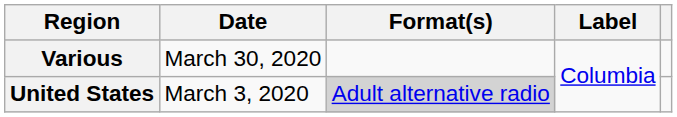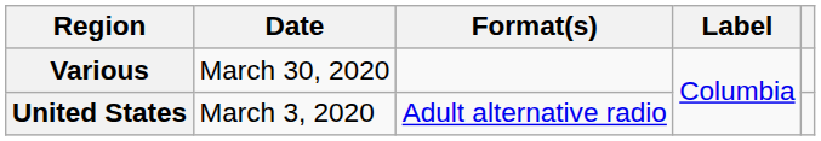 <table class="wikitable plainrowheaders">
 <tr>
 <th scope="col">Region</th>
 <th scope="col">Date</th>
 <th scope="col">Format(s)</th>
 <th scope="col">Label</th>
 <th scope="col"></th>
 </tr>
 <tr>
 <th scope="row">Various</th>
 <td>March 30, 2020</td>
 <td></td>
 <td rowspan="2"><a href='#'>Columbia</a></td>
 <td></td>
 </tr>
 <tr>
 <th scope="row">United States</th>
 <td>March 3, 2020</td>
-<td style="background: lightgrey;"><a href='#'>Adult alternative radio</a></td>
+<td><a href='#'>Adult alternative radio</a></td>
 <td></td>
 </tr>
 </table>
